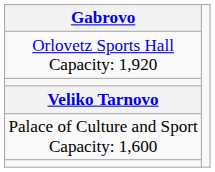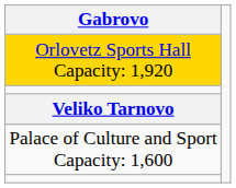 <table class="wikitable" style="text-align:center;">
 <tr>
 <th><a href='#'>Gabrovo</a></th>
 <td rowspan=6><br></td>
 </tr>
 <tr>
-<td><a href='#'>Orlovetz Sports Hall</a><br>Capacity: 1,920</td>
+<td style="background: gold;"><a href='#'>Orlovetz Sports Hall</a><br>Capacity: 1,920</td>
 </tr>
 <tr>
 <td></td>
 </tr>
 <tr>
 <th><a href='#'>Veliko Tarnovo</a></th>
 </tr>
 <tr>
 <td>Palace of Culture and Sport<br>Capacity: 1,600</td>
 </tr>
 <tr>
 <td></td>
 </tr>
 </table>
